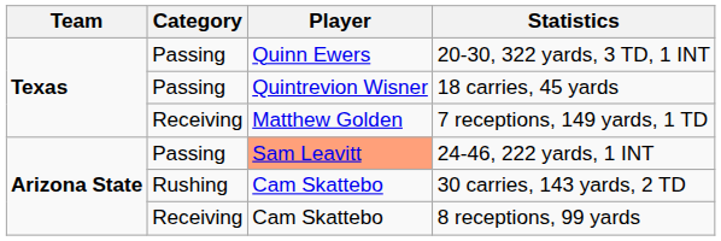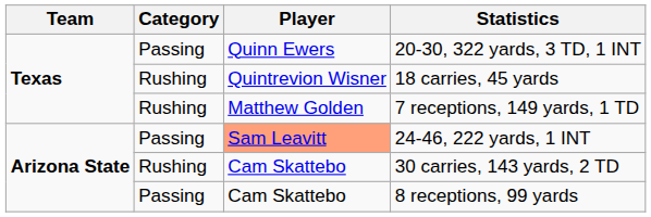 <table class="wikitable" style="float: right;">
 <tr>
 <th>Team</th>
 <th>Category</th>
 <th>Player</th>
 <th>Statistics</th>
 </tr>
 <tr>
 <td rowspan=3><strong>Texas</strong></td>
 <td>Passing</td>
 <td><a href='#'>Quinn Ewers</a></td>
 <td>20-30, 322 yards, 3 TD, 1 INT</td>
 </tr>
 <tr>
-<td>Passing</td>
+<td>Rushing</td>
 <td><a href='#'>Quintrevion Wisner</a></td>
 <td>18 carries, 45 yards</td>
 </tr>
 <tr>
-<td>Receiving</td>
+<td>Rushing</td>
 <td><a href='#'>Matthew Golden</a></td>
 <td>7 receptions, 149 yards, 1 TD</td>
 </tr>
 <tr>
 <td rowspan=3><strong>Arizona State</strong></td>
 <td>Passing</td>
 <td style="background: lightsalmon;"><a href='#'>Sam Leavitt</a></td>
 <td>24-46, 222 yards, 1 INT</td>
 </tr>
 <tr>
 <td>Rushing</td>
 <td><a href='#'>Cam Skattebo</a></td>
 <td>30 carries, 143 yards, 2 TD</td>
 </tr>
 <tr>
-<td>Receiving</td>
+<td>Passing</td>
 <td>Cam Skattebo</td>
 <td>8 receptions, 99 yards</td>
 </tr>
 </table>
